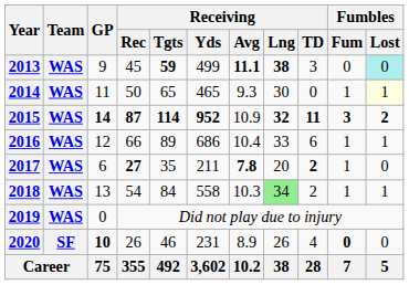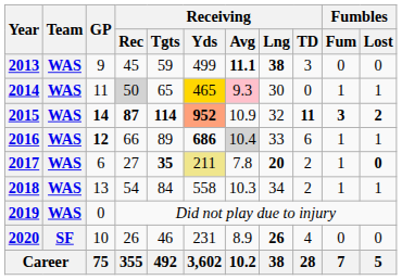 <table class="wikitable" style="text-align:center;">
 <tr>
 <th rowspan="2">Year</th>
 <th rowspan="2">Team</th>
 <th rowspan="2">GP</th>
 <th colspan="6">Receiving</th>
 <th colspan="2">Fumbles</th>
 </tr>
 <tr>
 <th>Rec</th>
 <th>Tgts</th>
 <th>Yds</th>
 <th>Avg</th>
 <th>Lng</th>
 <th>TD</th>
 <th>Fum</th>
 <th>Lost</th>
 </tr>
 <tr>
 <th><a href='#'>2013</a></th>
 <th><a href='#'>WAS</a></th>
 <td>9</td>
 <td>45</td>
-<td><strong>59</strong></td>
+<td>59</td>
 <td>499</td>
 <td><strong>11.1</strong></td>
 <td><strong>38</strong></td>
 <td>3</td>
 <td>0</td>
-<td style="background: paleturquoise;">0</td>
+<td>0</td>
 </tr>
 <tr>
 <th><a href='#'>2014</a></th>
 <th><a href='#'>WAS</a></th>
 <td>11</td>
-<td>50</td>
+<td style="background: lightgrey;">50</td>
 <td>65</td>
-<td>465</td>
-<td>9.3</td>
+<td style="background: gold;">465</td>
+<td style="background: pink;">9.3</td>
 <td>30</td>
 <td>0</td>
 <td>1</td>
-<td style="background: lightyellow;">1</td>
+<td>1</td>
 </tr>
 <tr>
 <th><a href='#'>2015</a></th>
 <th><a href='#'>WAS</a></th>
 <td><strong>14</strong></td>
 <td><strong>87</strong></td>
 <td><strong>114</strong></td>
-<td><strong>952</strong></td>
+<td style="background: lightsalmon;"><strong>952</strong></td>
 <td>10.9</td>
-<td><strong>32</strong></td>
+<td>32</td>
 <td><strong>11</strong></td>
 <td><strong>3</strong></td>
 <td><strong>2</strong></td>
 </tr>
 <tr>
 <th><a href='#'>2016</a></th>
 <th><a href='#'>WAS</a></th>
-<td>12</td>
+<td><strong>12</strong></td>
 <td>66</td>
 <td>89</td>
-<td>686</td>
-<td>10.4</td>
+<td><strong>686</strong></td>
+<td style="background: lightgrey;">10.4</td>
 <td>33</td>
 <td>6</td>
 <td>1</td>
 <td>1</td>
 </tr>
 <tr>
 <th><a href='#'>2017</a></th>
 <th><a href='#'>WAS</a></th>
 <td>6</td>
-<td><strong>27</strong></td>
-<td>35</td>
-<td>211</td>
-<td><strong>7.8</strong></td>
-<td>20</td>
-<td><strong>2</strong></td>
+<td>27</td>
+<td><strong>35</strong></td>
+<td style="background: khaki;">211</td>
+<td>7.8</td>
+<td><strong>20</strong></td>
+<td>2</td>
 <td>1</td>
-<td>0</td>
+<td><strong>0</strong></td>
 </tr>
 <tr>
 <th><a href='#'>2018</a></th>
 <th><a href='#'>WAS</a></th>
 <td>13</td>
 <td>54</td>
 <td>84</td>
 <td>558</td>
 <td>10.3</td>
-<td style="background: lightgreen;">34</td>
+<td>34</td>
 <td>2</td>
 <td>1</td>
 <td>1</td>
 </tr>
 <tr>
 <th><a href='#'>2019</a></th>
 <th><a href='#'>WAS</a></th>
 <td>0</td>
 <td colspan="8"><em>Did not play due to injury</em></td>
 </tr>
 <tr>
 <th><a href='#'>2020</a></th>
 <th><a href='#'>SF</a></th>
-<td><strong>10</strong></td>
+<td>10</td>
 <td>26</td>
 <td>46</td>
 <td>231</td>
 <td>8.9</td>
-<td>26</td>
+<td><strong>26</strong></td>
 <td>4</td>
-<td><strong>0</strong></td>
+<td>0</td>
 <td>0</td>
 </tr>
 <tr>
 <th colspan="2">Career</th>
 <th>75</th>
 <th>355</th>
 <th>492</th>
 <th>3,602</th>
 <th>10.2</th>
 <th>38</th>
 <th>28</th>
 <th>7</th>
 <th>5</th>
 </tr>
 </table>
